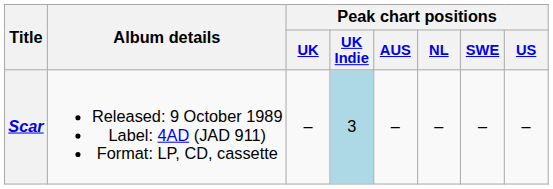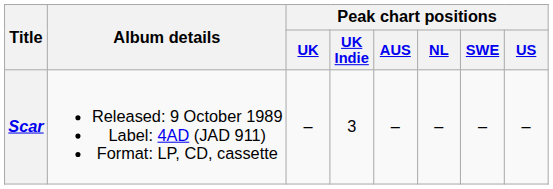 <table class="wikitable plainrowheaders" style="text-align:center;">
 <tr>
 <th rowspan="2">Title</th>
 <th rowspan="2">Album details</th>
 <th colspan="6">Peak chart positions</th>
 </tr>
 <tr>
 <th scope="col" style="width:2.5em;font-size:90%;"><a href='#'>UK</a><br></th>
 <th scope="col" style="width:2.5em;font-size:90%;"><a href='#'>UK<br>Indie</a><br></th>
 <th scope="col" style="width:2.5em;font-size:90%;"><a href='#'>AUS</a><br></th>
 <th scope="col" style="width:2.5em;font-size:90%;"><a href='#'>NL</a><br></th>
 <th scope="col" style="width:2.5em;font-size:90%;"><a href='#'>SWE</a><br></th>
 <th scope="col" style="width:2.5em;font-size:90%;"><a href='#'>US</a><br></th>
 </tr>
 <tr>
 <th scope="row"><em><a href='#'>Scar</a></em></th>
 <td><br><ul><li>Released: 9 October 1989</li><li>Label: <a href='#'>4AD</a> (JAD 911)</li><li>Format: LP, CD, cassette</li></ul></td>
 <td>–</td>
-<td style="background: lightblue;">3</td>
+<td>3</td>
 <td>–</td>
 <td>–</td>
 <td>–</td>
 <td>–</td>
 </tr>
 </table>
